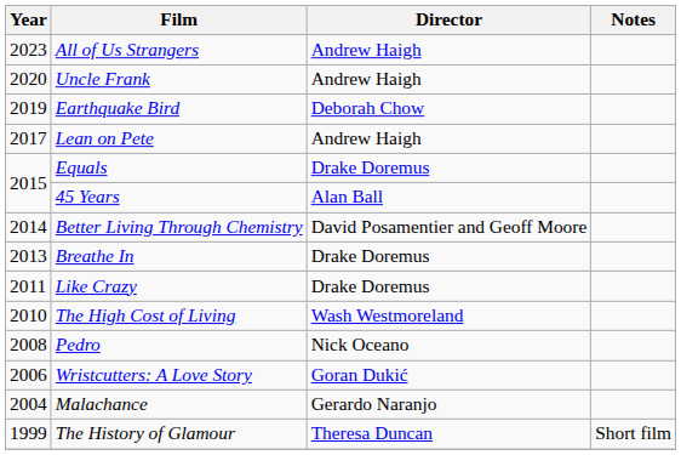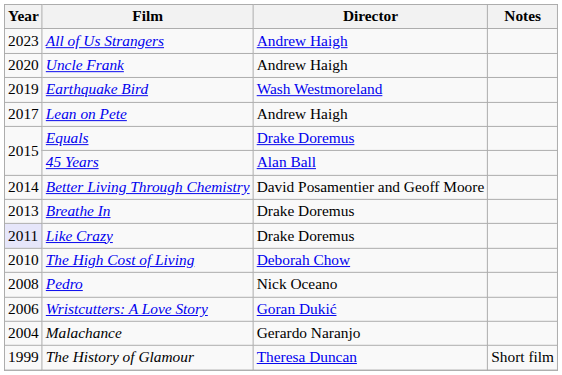 <table class="wikitable">
 <tr>
 <th>Year</th>
 <th>Film</th>
 <th>Director</th>
 <th>Notes</th>
 </tr>
 <tr>
 <td>2023</td>
 <td><em><a href='#'>All of Us Strangers</a></em></td>
 <td><a href='#'>Andrew Haigh</a></td>
 <td></td>
 </tr>
 <tr>
 <td>2020</td>
 <td><em><a href='#'>Uncle Frank</a></em></td>
 <td>Andrew Haigh</td>
 <td></td>
 </tr>
 <tr>
 <td>2019</td>
 <td><em><a href='#'>Earthquake Bird</a></em></td>
-<td><a href='#'>Deborah Chow</a></td>
+<td><a href='#'>Wash Westmoreland</a></td>
 <td></td>
 </tr>
 <tr>
 <td>2017</td>
 <td><em><a href='#'>Lean on Pete</a></em></td>
 <td>Andrew Haigh</td>
 <td></td>
 </tr>
 <tr>
 <td rowspan=2>2015</td>
 <td><em><a href='#'>Equals</a></em></td>
 <td><a href='#'>Drake Doremus</a></td>
 <td></td>
 </tr>
 <tr>
 <td><em><a href='#'>45 Years</a></em></td>
 <td><a href='#'>Alan Ball</a></td>
 <td></td>
 </tr>
 <tr>
 <td>2014</td>
 <td><em><a href='#'>Better Living Through Chemistry</a></em></td>
 <td>David Posamentier and Geoff Moore</td>
 <td></td>
 </tr>
 <tr>
 <td>2013</td>
 <td><em><a href='#'>Breathe In</a></em></td>
 <td>Drake Doremus</td>
 <td></td>
 </tr>
 <tr>
-<td>2011</td>
+<td style="background: lavender;">2011</td>
 <td><em><a href='#'>Like Crazy</a></em></td>
 <td>Drake Doremus</td>
 <td></td>
 </tr>
 <tr>
 <td>2010</td>
 <td><em><a href='#'>The High Cost of Living</a></em></td>
-<td><a href='#'>Wash Westmoreland</a></td>
+<td><a href='#'>Deborah Chow</a></td>
 <td></td>
 </tr>
 <tr>
 <td>2008</td>
 <td><em><a href='#'>Pedro</a></em></td>
 <td>Nick Oceano</td>
 <td></td>
 </tr>
 <tr>
 <td>2006</td>
 <td><em><a href='#'>Wristcutters: A Love Story</a></em></td>
 <td><a href='#'>Goran Dukić</a></td>
 <td></td>
 </tr>
 <tr>
 <td>2004</td>
 <td><em>Malachance</em></td>
 <td>Gerardo Naranjo</td>
 <td></td>
 </tr>
 <tr>
 <td>1999</td>
 <td><em>The History of Glamour</em></td>
 <td><a href='#'>Theresa Duncan</a></td>
 <td>Short film</td>
 </tr>
 <tr>
 </tr>
 </table>
